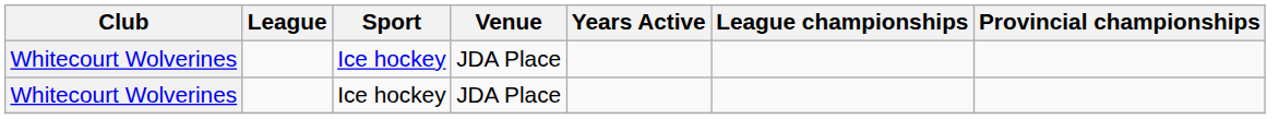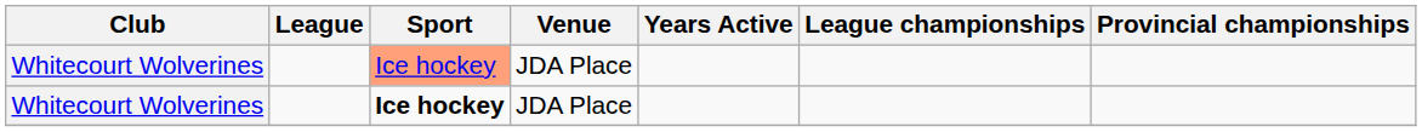 <table class="wikitable sortable">
 <tr>
 <th scope="col">Club</th>
 <th scope="col">League</th>
 <th scope="col">Sport</th>
 <th scope="col">Venue</th>
 <th scope="col">Years Active</th>
 <th scope="col">League championships</th>
 <th scope="col">Provincial championships</th>
 </tr>
 <tr>
 <th scope="row" style="font-weight: normal;"><a href='#'>Whitecourt Wolverines</a></th>
 <td></td>
-<td><a href='#'>Ice hockey</a></td>
+<td style="background: lightsalmon;"><a href='#'>Ice hockey</a></td>
 <td>JDA Place</td>
 <td></td>
 <td></td>
 <td></td>
 </tr>
 <tr>
 <th scope="row" style="font-weight: normal;"><a href='#'>Whitecourt Wolverines</a></th>
 <td></td>
-<td>Ice hockey</td>
+<td><strong>Ice hockey</strong></td>
 <td>JDA Place</td>
 <td></td>
 <td></td>
 <td></td>
 </tr>
 <tr>
 </tr>
 </table>
